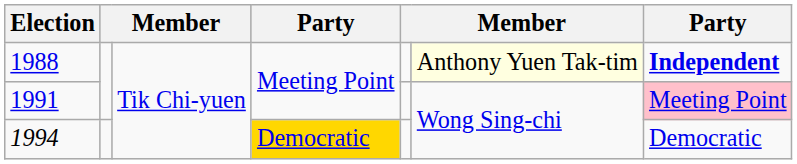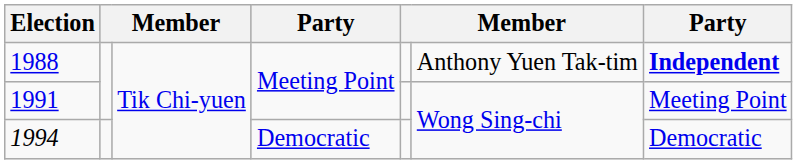 <table class="wikitable">
 <tr>
 <th>Election</th>
 <th colspan="2">Member</th>
 <th>Party</th>
 <th colspan="2">Member</th>
 <th>Party</th>
 </tr>
 <tr>
 <td><a href='#'>1988</a></td>
 <td rowspan=2 style="background-color: "></td>
 <td rowspan=3><a href='#'>Tik Chi-yuen</a></td>
 <td rowspan=2><a href='#'>Meeting Point</a></td>
 <td style="background-color: "></td>
-<td style="background: lightyellow;">Anthony Yuen Tak-tim</td>
+<td>Anthony Yuen Tak-tim</td>
 <td><strong><a href='#'>Independent</a></strong></td>
 </tr>
 <tr>
 <td><a href='#'>1991</a></td>
 <td style="background-color: "></td>
 <td rowspan=2><a href='#'>Wong Sing-chi</a></td>
-<td style="background: pink;"><a href='#'>Meeting Point</a></td>
+<td><a href='#'>Meeting Point</a></td>
 </tr>
 <tr>
 <td><em>1994</em></td>
 <td style="background-color: "></td>
-<td style="background: gold;"><a href='#'>Democratic</a></td>
+<td><a href='#'>Democratic</a></td>
 <td style="background-color: "></td>
 <td><a href='#'>Democratic</a></td>
 </tr>
 </table>
